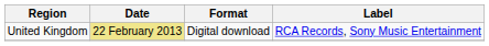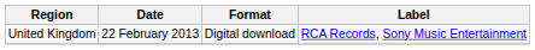 <table class=wikitable>
 <tr>
 <th>Region</th>
 <th>Date</th>
 <th>Format</th>
 <th>Label</th>
 </tr>
 <tr>
 <td>United Kingdom</td>
-<td style="background: khaki;">22 February 2013</td>
+<td>22 February 2013</td>
 <td>Digital download</td>
 <td><a href='#'>RCA Records</a>, <a href='#'>Sony Music Entertainment</a></td>
 </tr>
 <tr>
 </tr>
 </table>
